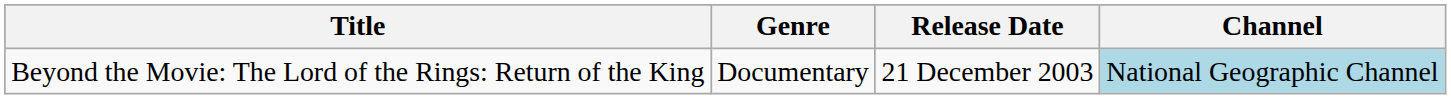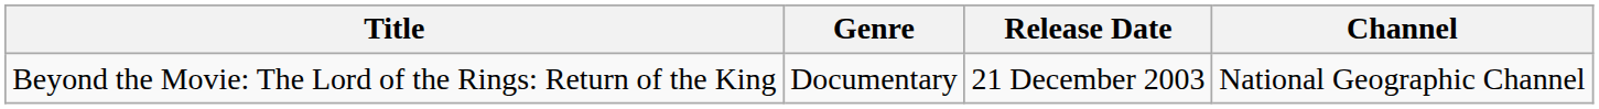 <table class="wikitable sortable">
 <tr>
 <th>Title</th>
 <th>Genre</th>
 <th>Release Date</th>
 <th>Channel</th>
 </tr>
 <tr>
 <td>Beyond the Movie: The Lord of the Rings: Return of the King</td>
 <td rowspan="6">Documentary</td>
 <td>21 December 2003</td>
-<td style="background: lightblue;">National Geographic Channel</td>
+<td>National Geographic Channel</td>
 </tr>
 </table>
